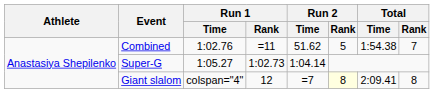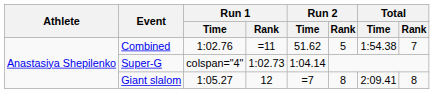 <table class="wikitable" style="font-size:90%">
 <tr>
 <th rowspan=2>Athlete</th>
 <th rowspan=2>Event</th>
 <th colspan=2>Run 1</th>
 <th colspan=2>Run 2</th>
 <th colspan=2>Total</th>
 </tr>
 <tr style="font-size:95%">
 <th>Time</th>
 <th>Rank</th>
 <th>Time</th>
 <th>Rank</th>
 <th>Time</th>
 <th>Rank</th>
 </tr>
 <tr align="center">
 <td rowspan="3"><a href='#'>Anastasiya Shepilenko</a></td>
 <td align="left"><a href='#'>Combined</a></td>
 <td>1:02.76</td>
 <td>=11</td>
 <td>51.62</td>
 <td>5</td>
 <td>1:54.38</td>
 <td>7</td>
 </tr>
 <tr align=center>
 <td align="left"><a href='#'>Super-G</a></td>
-<td>1:05.27</td>
+<td>colspan="4"</td>
 <td>1:02.73</td>
 <td>1:04.14</td>
 </tr>
 <tr align=center>
 <td align="left"><a href='#'>Giant slalom</a></td>
-<td>colspan="4"</td>
+<td>1:05.27</td>
 <td>12</td>
 <td>=7</td>
-<td style="background: lightyellow;">8</td>
+<td>8</td>
 <td>2:09.41</td>
 <td>8</td>
 </tr>
 </table>
